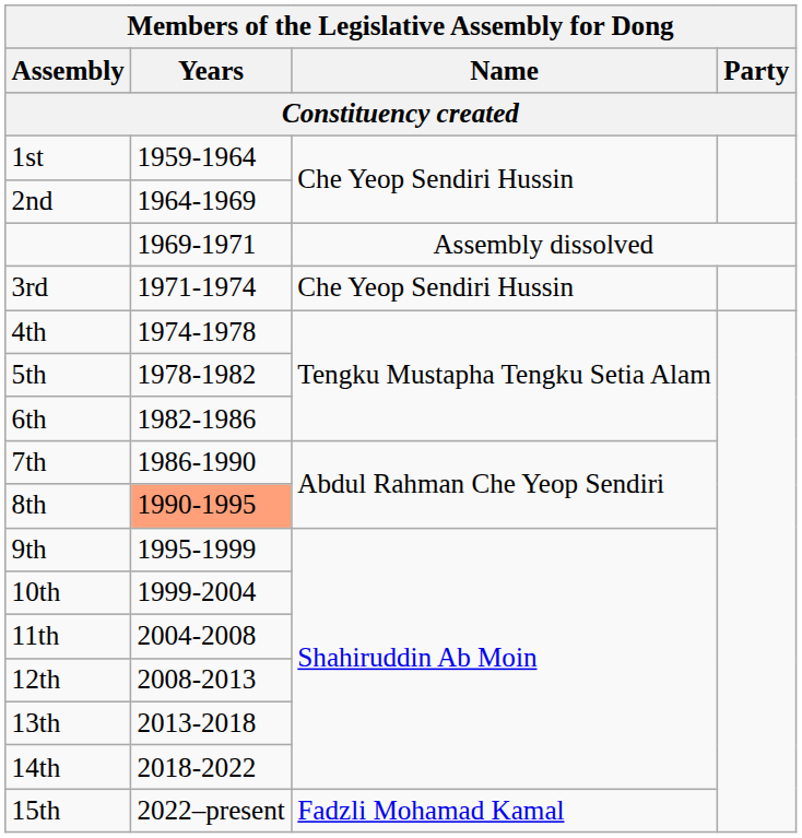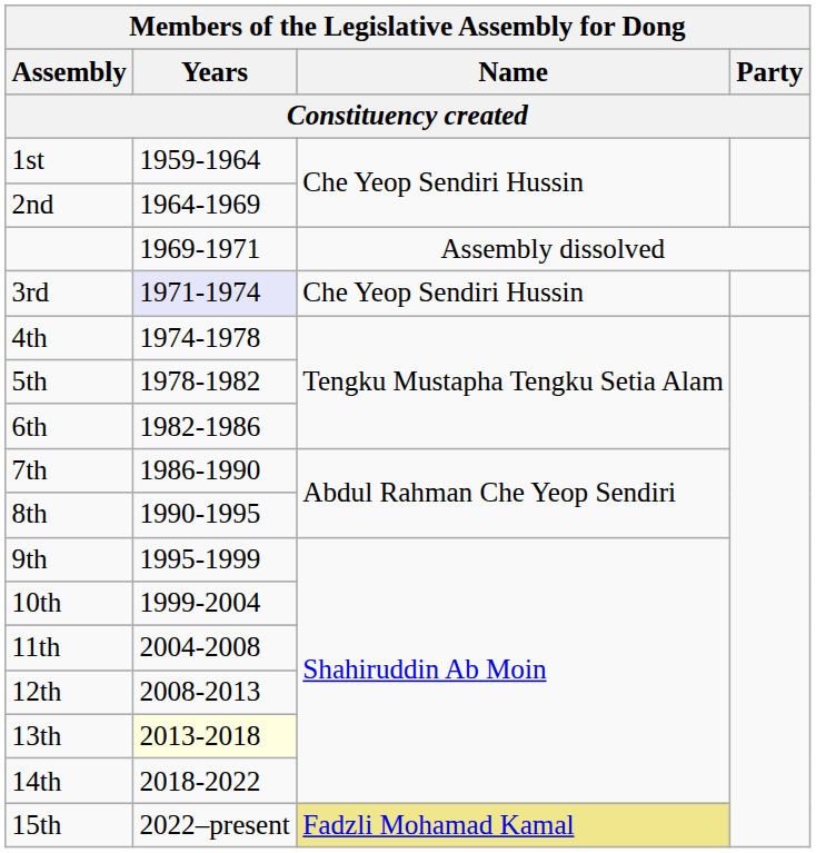 <table class="wikitable">
 <tr>
 <th colspan="4">Members of the Legislative Assembly for Dong</th>
 </tr>
 <tr>
 <th>Assembly</th>
 <th>Years</th>
 <th>Name</th>
 <th>Party</th>
 </tr>
 <tr>
 <th colspan="4"><em>Constituency created</em></th>
 </tr>
 <tr>
 <td>1st</td>
 <td>1959-1964</td>
 <td rowspan="2">Che Yeop Sendiri Hussin</td>
 <td rowspan="2"></td>
 </tr>
 <tr>
 <td>2nd</td>
 <td>1964-1969</td>
 </tr>
 <tr>
 <td></td>
 <td>1969-1971</td>
 <td colspan=2 align=center>Assembly dissolved</td>
 </tr>
 <tr>
 <td>3rd</td>
-<td>1971-1974</td>
+<td style="background: lavender;">1971-1974</td>
 <td>Che Yeop Sendiri Hussin</td>
 <td></td>
 </tr>
 <tr>
 <td>4th</td>
 <td>1974-1978</td>
 <td rowspan="3">Tengku Mustapha Tengku Setia Alam</td>
 <td rowspan="12"></td>
 </tr>
 <tr>
 <td>5th</td>
 <td>1978-1982</td>
 </tr>
 <tr>
 <td>6th</td>
 <td>1982-1986</td>
 </tr>
 <tr>
 <td>7th</td>
 <td>1986-1990</td>
 <td rowspan="2">Abdul Rahman Che Yeop Sendiri</td>
 </tr>
 <tr>
 <td>8th</td>
-<td style="background: lightsalmon;">1990-1995</td>
+<td>1990-1995</td>
 </tr>
 <tr>
 <td>9th</td>
 <td>1995-1999</td>
 <td rowspan="6"><a href='#'>Shahiruddin Ab Moin</a></td>
 </tr>
 <tr>
 <td>10th</td>
 <td>1999-2004</td>
 </tr>
 <tr>
 <td>11th</td>
 <td>2004-2008</td>
 </tr>
 <tr>
 <td>12th</td>
 <td>2008-2013</td>
 </tr>
 <tr>
 <td>13th</td>
-<td>2013-2018</td>
+<td style="background: lightyellow;">2013-2018</td>
 </tr>
 <tr>
 <td>14th</td>
 <td>2018-2022</td>
 </tr>
 <tr>
 <td>15th</td>
 <td>2022–present</td>
-<td><a href='#'>Fadzli Mohamad Kamal</a></td>
+<td style="background: khaki;"><a href='#'>Fadzli Mohamad Kamal</a></td>
 </tr>
 </table>
